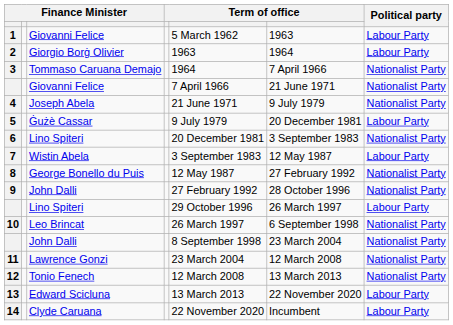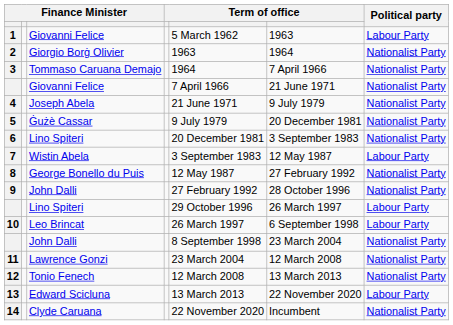 <table class="wikitable">
 <tr>
 <th colspan=3>Finance Minister</th>
 <th colspan=3>Term of office</th>
 <th rowspan=2>Political party</th>
 </tr>
 <tr>
 <th></th>
 <th></th>
 <th></th>
 <th></th>
 <th></th>
 <th></th>
 </tr>
 <tr>
 <th style="background:">1</th>
 <td></td>
 <td><a href='#'>Giovanni Felice</a><br></td>
 <td></td>
 <td>5 March 1962</td>
 <td>1963</td>
 <td><a href='#'>Labour Party</a></td>
 </tr>
 <tr>
 <th style="background:">2</th>
 <td></td>
 <td><a href='#'>Giorgio Borġ Olivier</a><br></td>
 <td></td>
 <td>1963</td>
 <td>1964</td>
-<td><a href='#'>Labour Party</a></td>
+<td><a href='#'>Nationalist Party</a></td>
 </tr>
 <tr>
 <th style="background:">3</th>
 <td></td>
 <td><a href='#'>Tommaso Caruana Demajo</a><br></td>
 <td></td>
 <td>1964</td>
 <td>7 April 1966</td>
 <td><a href='#'>Nationalist Party</a></td>
 </tr>
 <tr>
 <th style="background:"></th>
 <td></td>
 <td><a href='#'>Giovanni Felice</a><br></td>
 <td></td>
 <td>7 April 1966</td>
 <td>21 June 1971</td>
 <td><a href='#'>Nationalist Party</a></td>
 </tr>
 <tr>
 <th style="background:">4</th>
 <td></td>
 <td><a href='#'>Joseph Abela</a><br></td>
 <td></td>
 <td>21 June 1971</td>
 <td>9 July 1979</td>
 <td><a href='#'>Nationalist Party</a></td>
 </tr>
 <tr>
 <th style="background:">5</th>
 <td></td>
 <td><a href='#'>Ġużè Cassar</a><br></td>
 <td></td>
 <td>9 July 1979</td>
 <td>20 December 1981</td>
-<td><a href='#'>Labour Party</a></td>
+<td><a href='#'>Nationalist Party</a></td>
 </tr>
 <tr>
 <th style="background:">6</th>
 <td></td>
 <td><a href='#'>Lino Spiteri</a><br></td>
 <td></td>
 <td>20 December 1981</td>
 <td>3 September 1983</td>
 <td><a href='#'>Nationalist Party</a></td>
 </tr>
 <tr>
 <th style="background:">7</th>
 <td></td>
 <td><a href='#'>Wistin Abela</a><br></td>
 <td></td>
 <td>3 September 1983</td>
 <td>12 May 1987</td>
 <td><a href='#'>Labour Party</a></td>
 </tr>
 <tr>
 <th style="background:">8</th>
 <td></td>
 <td><a href='#'>George Bonello du Puis</a><br></td>
 <td></td>
 <td>12 May 1987</td>
 <td>27 February 1992</td>
 <td><a href='#'>Nationalist Party</a></td>
 </tr>
 <tr>
 <th style="background:">9</th>
 <td></td>
 <td><a href='#'>John Dalli</a><br></td>
 <td></td>
 <td>27 February 1992</td>
 <td>28 October 1996</td>
 <td><a href='#'>Nationalist Party</a></td>
 </tr>
 <tr>
 <th style="background:"></th>
 <td></td>
 <td><a href='#'>Lino Spiteri</a><br></td>
 <td></td>
 <td>29 October 1996</td>
 <td>26 March 1997</td>
 <td><a href='#'>Labour Party</a></td>
 </tr>
 <tr>
 <th style="background:">10</th>
 <td></td>
 <td><a href='#'>Leo Brincat</a><br></td>
 <td></td>
 <td>26 March 1997</td>
 <td>6 September 1998</td>
-<td><a href='#'>Nationalist Party</a></td>
+<td><a href='#'>Labour Party</a></td>
 </tr>
 <tr>
 <th style="background:"></th>
 <td></td>
 <td><a href='#'>John Dalli</a><br></td>
 <td></td>
 <td>8 September 1998</td>
 <td>23 March 2004</td>
 <td><a href='#'>Nationalist Party</a></td>
 </tr>
 <tr>
 <th style="background:">11</th>
 <td></td>
 <td><a href='#'>Lawrence Gonzi</a><br></td>
 <td></td>
 <td>23 March 2004</td>
 <td>12 March 2008</td>
 <td><a href='#'>Nationalist Party</a></td>
 </tr>
 <tr>
 <th style="background:">12</th>
 <td></td>
 <td><a href='#'>Tonio Fenech</a><br></td>
 <td></td>
 <td>12 March 2008</td>
 <td>13 March 2013</td>
 <td><a href='#'>Nationalist Party</a></td>
 </tr>
 <tr>
 <th style="background:">13</th>
 <td></td>
 <td><a href='#'>Edward Scicluna</a><br></td>
 <td></td>
 <td>13 March 2013</td>
 <td>22 November 2020</td>
 <td><a href='#'>Labour Party</a></td>
 </tr>
 <tr>
 <th style="background:">14</th>
 <td></td>
 <td><a href='#'>Clyde Caruana</a><br></td>
 <td></td>
 <td>22 November 2020</td>
 <td>Incumbent</td>
-<td><a href='#'>Labour Party</a></td>
+<td><a href='#'>Nationalist Party</a></td>
 </tr>
 </table>
